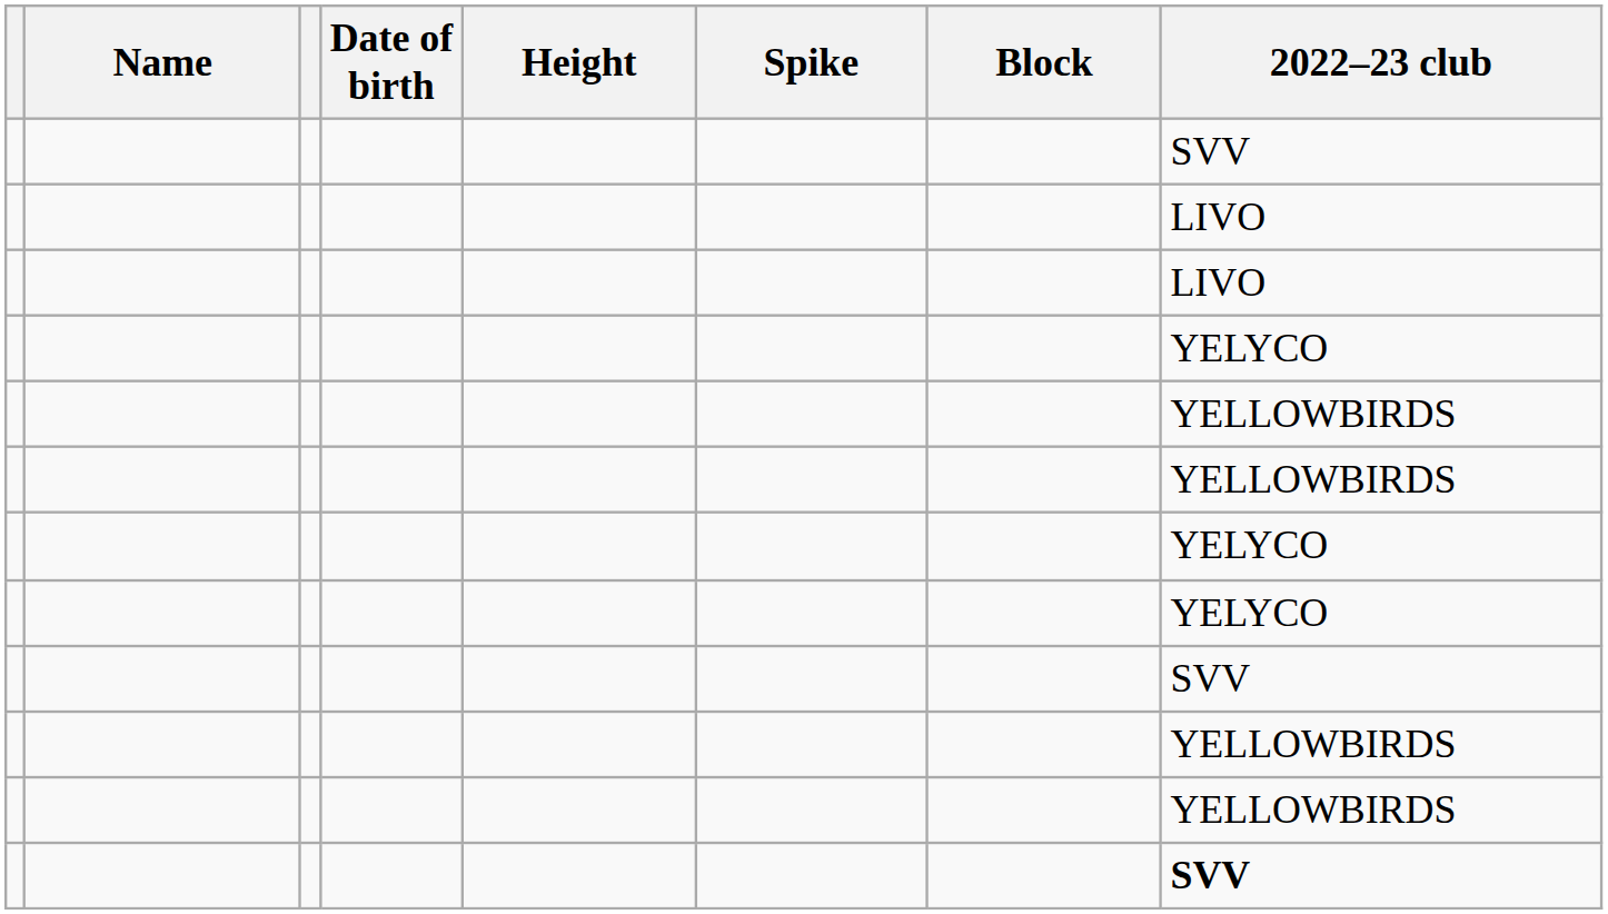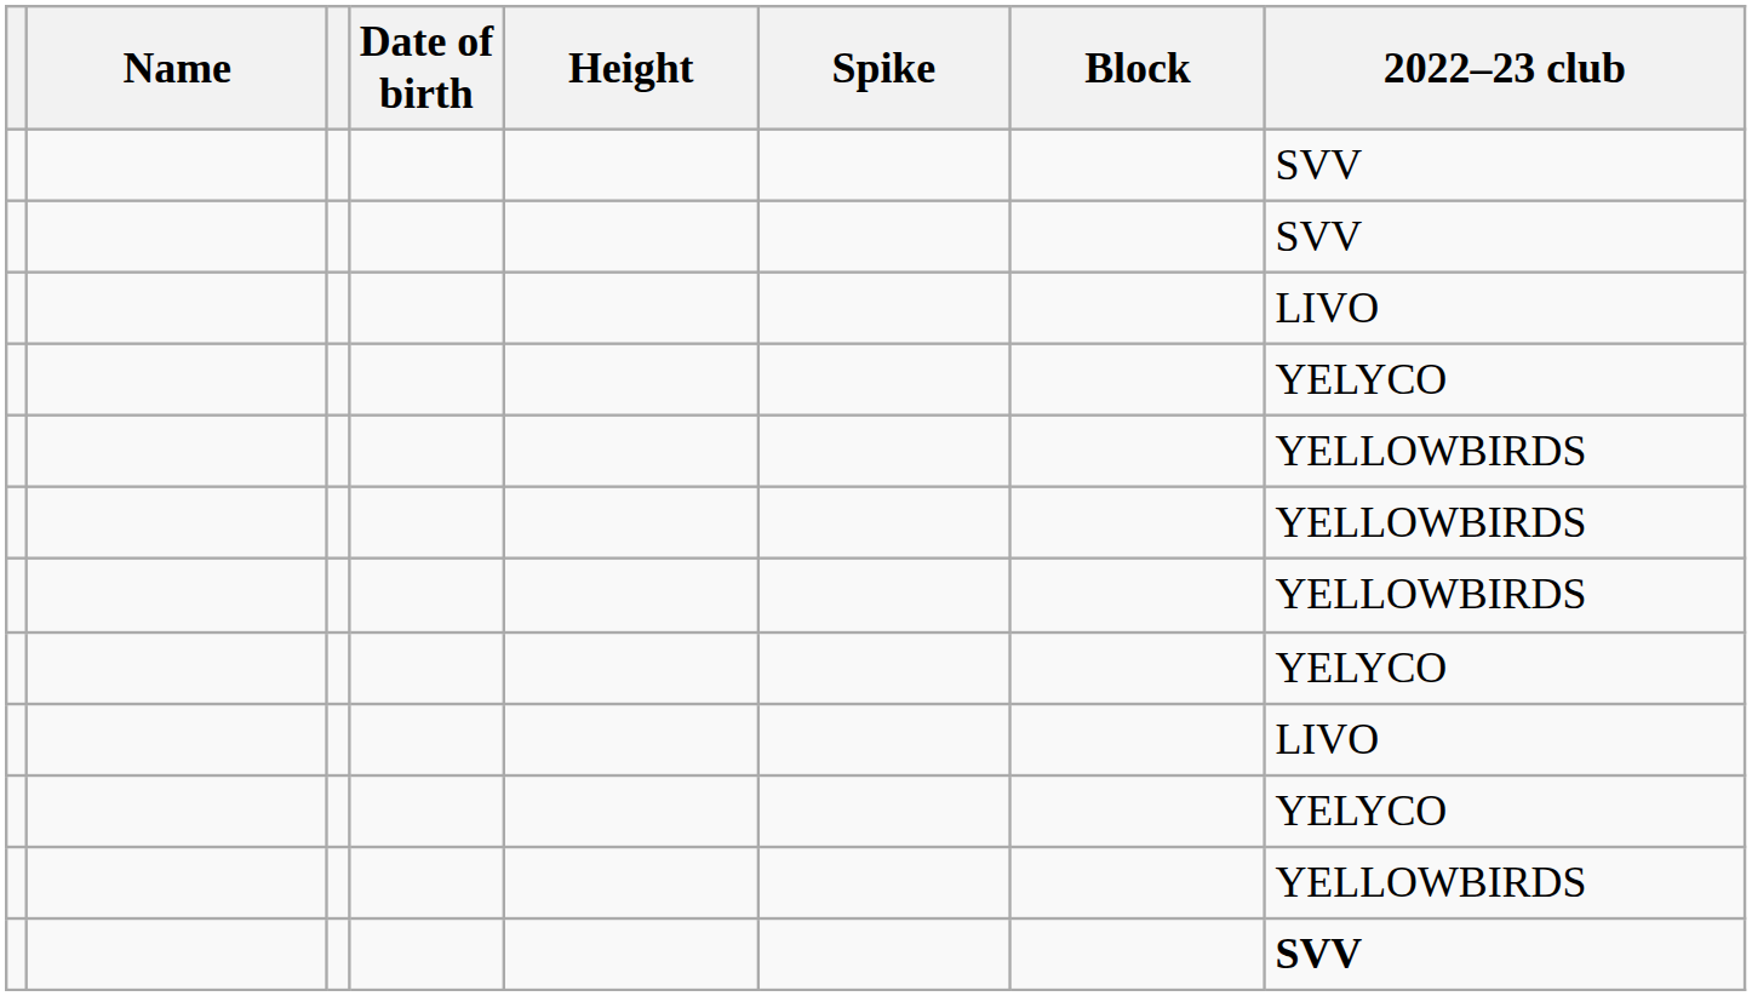 <table class="wikitable sortable" style="font-size:95%; text-align:center;">
 <tr>
 <th></th>
 <th style="width:14em">Name</th>
 <th></th>
 <th style="width:5em">Date of birth</th>
 <th style="width:10em">Height</th>
 <th style="width:11em">Spike</th>
 <th style="width:11em">Block</th>
 <th style="width:17em">2022–23 club</th>
 </tr>
 <tr>
 <td></td>
 <td align=left></td>
 <td></td>
 <td align=right></td>
 <td></td>
 <td></td>
 <td></td>
 <td align=left> SVV</td>
 </tr>
 <tr>
 <td></td>
 <td align=left></td>
 <td></td>
 <td align=right></td>
 <td></td>
 <td></td>
 <td></td>
-<td align=left> LIVO</td>
+<td align=left> SVV</td>
 </tr>
 <tr>
 <td></td>
 <td align=left></td>
 <td></td>
 <td align=right></td>
 <td></td>
 <td></td>
 <td></td>
 <td align=left> LIVO</td>
 </tr>
 <tr>
 <td></td>
 <td align=left></td>
 <td></td>
 <td align=right></td>
 <td></td>
 <td></td>
 <td></td>
 <td align=left> YELYCO</td>
 </tr>
 <tr>
 <td></td>
 <td align=left></td>
 <td></td>
 <td align=right></td>
 <td></td>
 <td></td>
 <td></td>
 <td align=left> YELLOWBIRDS</td>
 </tr>
 <tr>
 <td></td>
 <td align=left></td>
 <td></td>
 <td align=right></td>
 <td></td>
 <td></td>
 <td></td>
 <td align=left> YELLOWBIRDS</td>
 </tr>
 <tr>
 <td></td>
 <td align=left></td>
 <td></td>
 <td align=right></td>
 <td></td>
 <td></td>
 <td></td>
-<td align=left> YELYCO</td>
+<td align=left> YELLOWBIRDS</td>
 </tr>
 <tr>
 <td></td>
 <td align=left></td>
 <td></td>
 <td align=right></td>
 <td></td>
 <td></td>
 <td></td>
 <td align=left> YELYCO</td>
 </tr>
 <tr>
 <td></td>
 <td align=left></td>
 <td></td>
 <td align=right></td>
 <td></td>
 <td></td>
 <td></td>
-<td align=left> SVV</td>
+<td align=left> LIVO</td>
 </tr>
 <tr>
 <td></td>
 <td align=left></td>
 <td></td>
 <td align=right></td>
 <td></td>
 <td></td>
 <td></td>
-<td align=left> YELLOWBIRDS</td>
+<td align=left> YELYCO</td>
 </tr>
 <tr>
 <td></td>
 <td align=left></td>
 <td></td>
 <td align=right></td>
 <td></td>
 <td></td>
 <td></td>
 <td align=left> YELLOWBIRDS</td>
 </tr>
 <tr>
 <td></td>
 <td align=left></td>
 <td></td>
 <td align=right></td>
 <td></td>
 <td></td>
 <td></td>
 <td align=left><strong> SVV</strong></td>
 </tr>
 </table>
